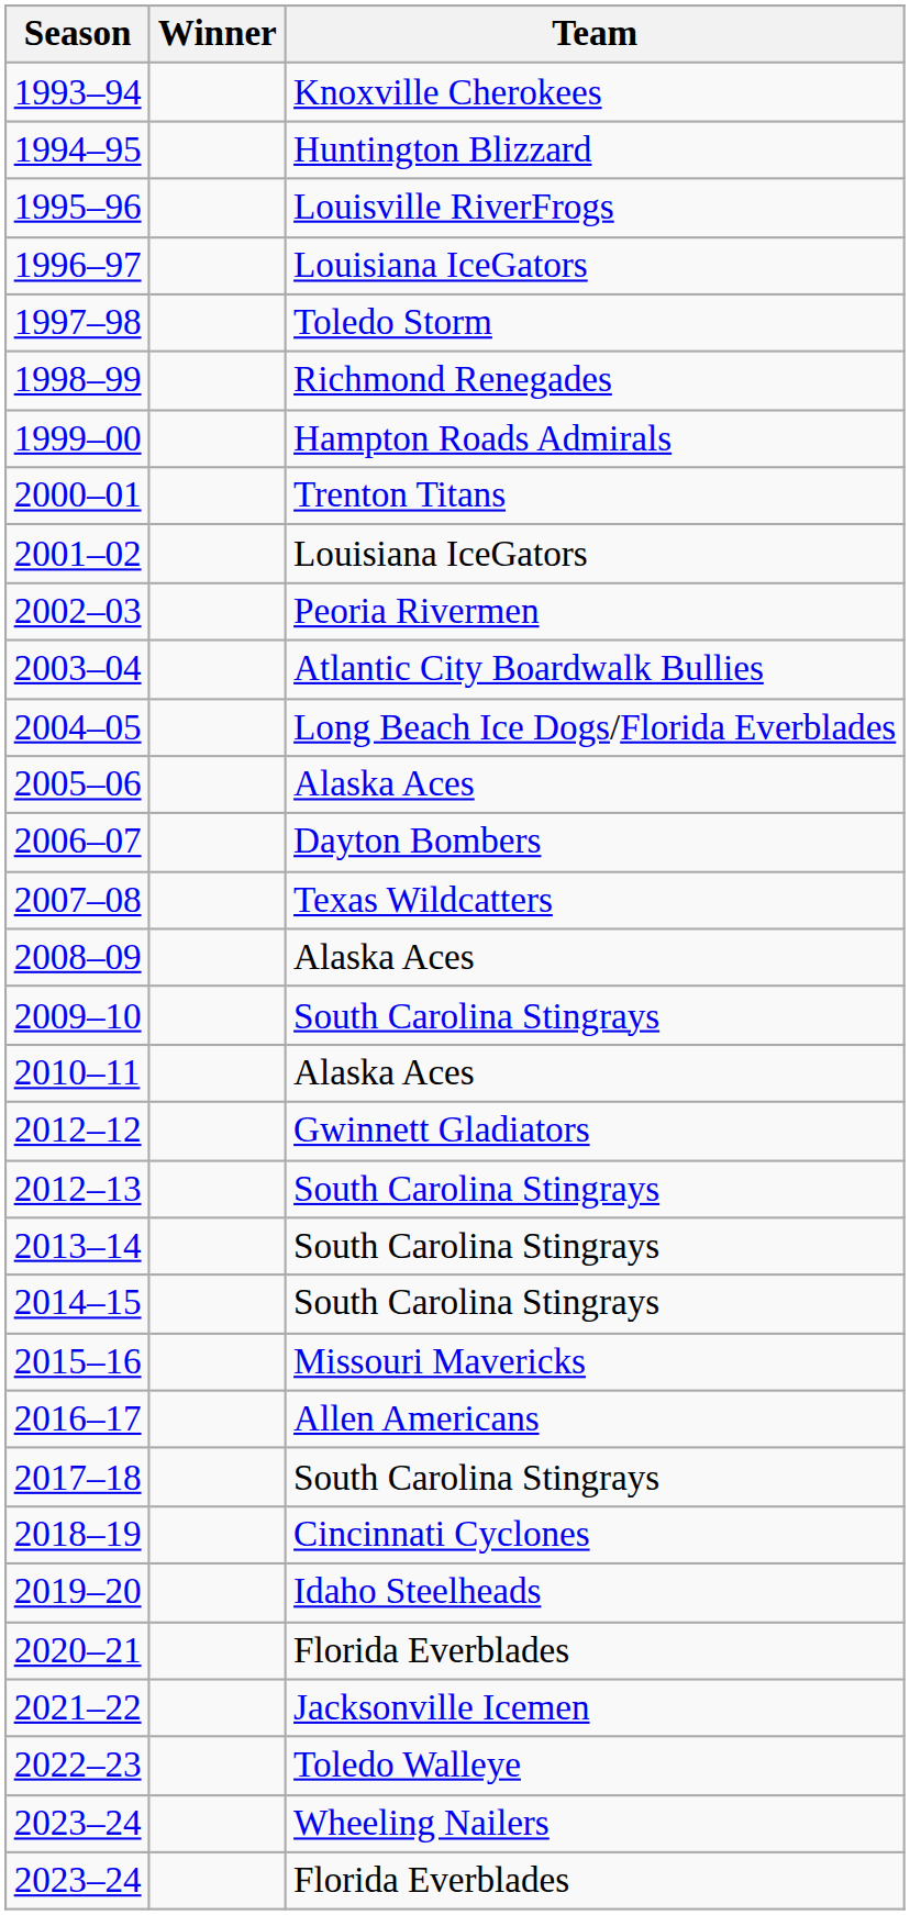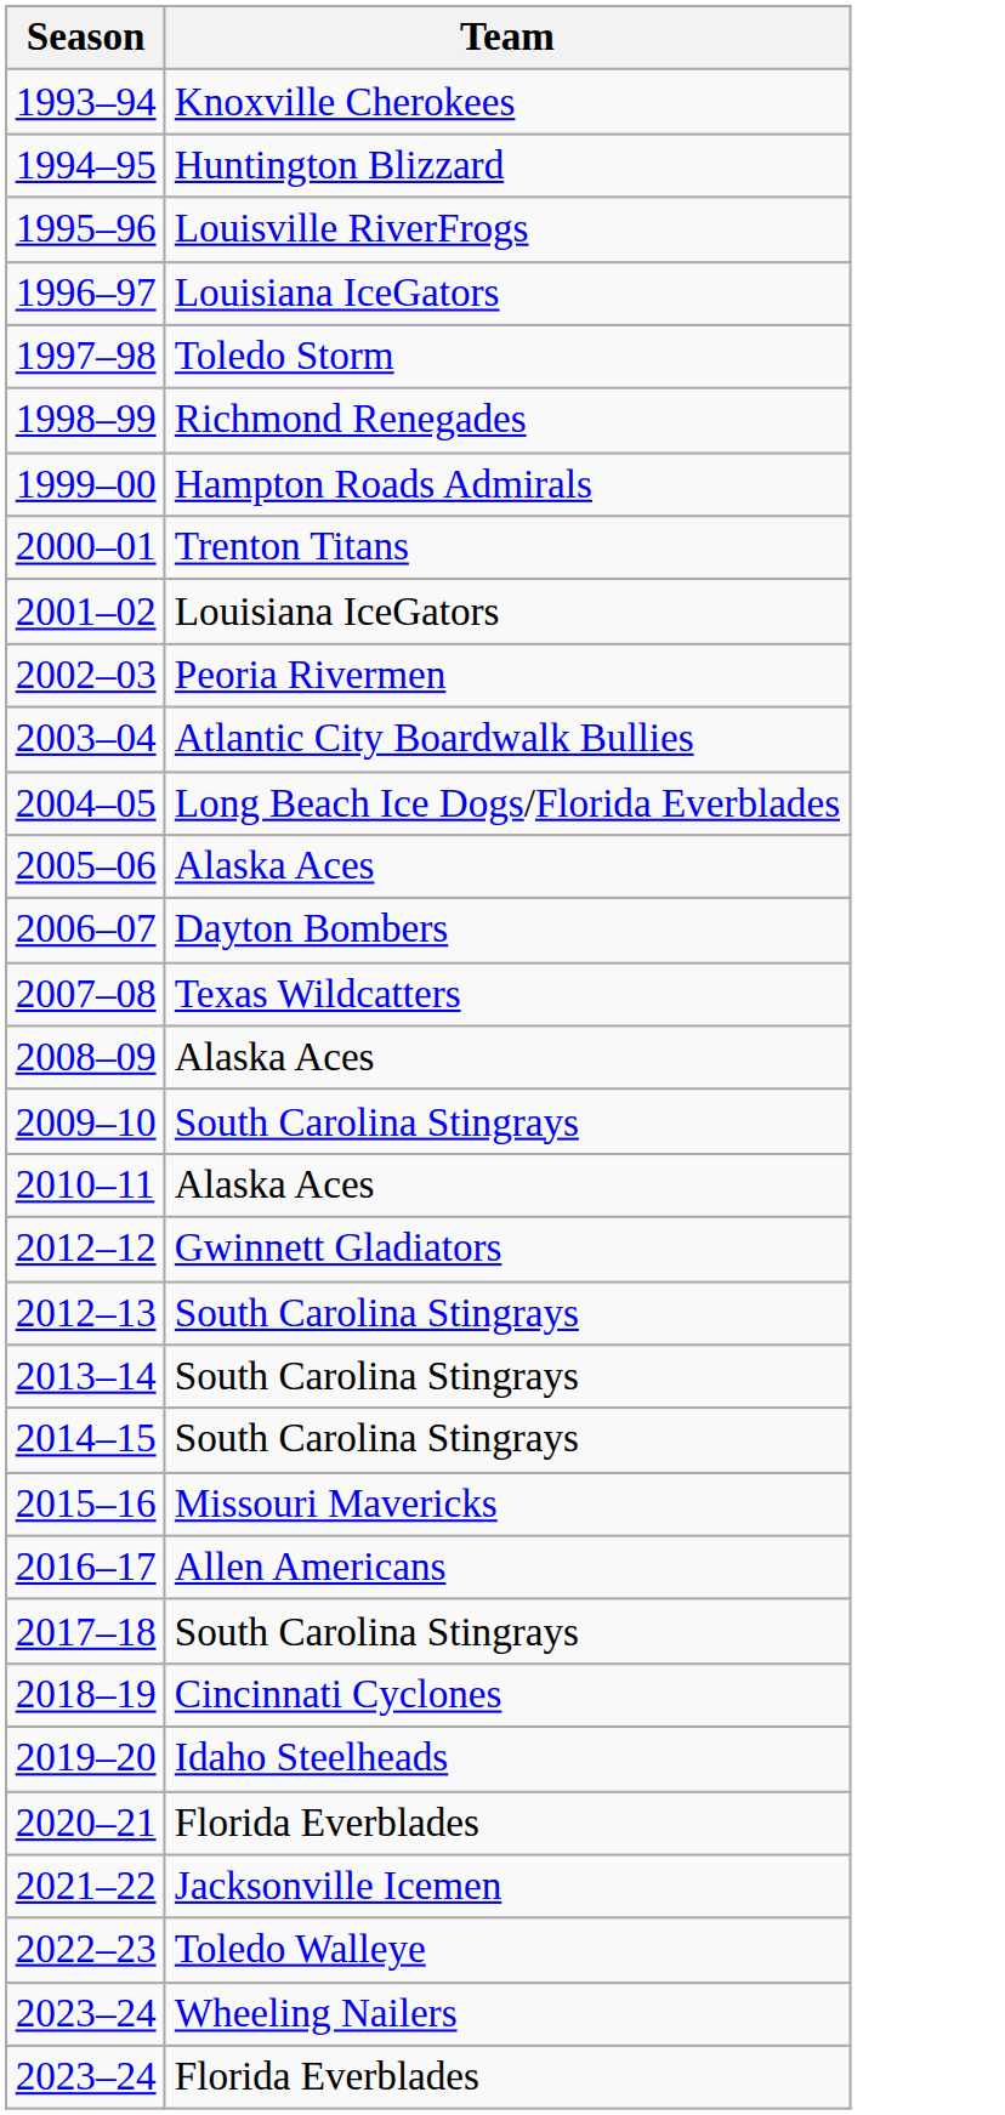 <table class="wikitable sortable" style="width=60%">
 <tr>
 <th>Season</th>
-<th>Winner</th>
 <th>Team</th>
 </tr>
 <tr>
 <td><a href='#'>1993–94</a></td>
-<td></td>
 <td><a href='#'>Knoxville Cherokees</a></td>
 </tr>
 <tr>
 <td><a href='#'>1994–95</a></td>
-<td></td>
 <td><a href='#'>Huntington Blizzard</a></td>
 </tr>
 <tr>
 <td><a href='#'>1995–96</a></td>
-<td></td>
 <td><a href='#'>Louisville RiverFrogs</a></td>
 </tr>
 <tr>
 <td><a href='#'>1996–97</a></td>
-<td></td>
 <td><a href='#'>Louisiana IceGators</a></td>
 </tr>
 <tr>
 <td><a href='#'>1997–98</a></td>
-<td></td>
 <td><a href='#'>Toledo Storm</a></td>
 </tr>
 <tr>
 <td><a href='#'>1998–99</a></td>
-<td></td>
 <td><a href='#'>Richmond Renegades</a></td>
 </tr>
 <tr>
 <td><a href='#'>1999–00</a></td>
-<td></td>
 <td><a href='#'>Hampton Roads Admirals</a></td>
 </tr>
 <tr>
 <td><a href='#'>2000–01</a></td>
-<td></td>
 <td><a href='#'>Trenton Titans</a></td>
 </tr>
 <tr>
 <td><a href='#'>2001–02</a></td>
-<td></td>
 <td>Louisiana IceGators</td>
 </tr>
 <tr>
 <td><a href='#'>2002–03</a></td>
-<td></td>
 <td><a href='#'>Peoria Rivermen</a></td>
 </tr>
 <tr>
 <td><a href='#'>2003–04</a></td>
-<td></td>
 <td><a href='#'>Atlantic City Boardwalk Bullies</a></td>
 </tr>
 <tr>
 <td><a href='#'>2004–05</a></td>
-<td></td>
 <td><a href='#'>Long Beach Ice Dogs</a>/<a href='#'>Florida Everblades</a></td>
 </tr>
 <tr>
 <td><a href='#'>2005–06</a></td>
-<td></td>
 <td><a href='#'>Alaska Aces</a></td>
 </tr>
 <tr>
 <td><a href='#'>2006–07</a></td>
-<td></td>
 <td><a href='#'>Dayton Bombers</a></td>
 </tr>
 <tr>
 <td><a href='#'>2007–08</a></td>
-<td></td>
 <td><a href='#'>Texas Wildcatters</a></td>
 </tr>
 <tr>
 <td><a href='#'>2008–09</a></td>
-<td></td>
 <td>Alaska Aces</td>
 </tr>
 <tr>
 <td><a href='#'>2009–10</a></td>
-<td></td>
 <td><a href='#'>South Carolina Stingrays</a></td>
 </tr>
 <tr>
 <td><a href='#'>2010–11</a></td>
-<td></td>
 <td>Alaska Aces</td>
 </tr>
 <tr>
 <td><a href='#'>2012–12</a></td>
-<td></td>
 <td><a href='#'>Gwinnett Gladiators</a></td>
 </tr>
 <tr>
 <td><a href='#'>2012–13</a></td>
-<td></td>
 <td><a href='#'>South Carolina Stingrays</a></td>
 </tr>
 <tr>
 <td><a href='#'>2013–14</a></td>
-<td></td>
 <td>South Carolina Stingrays</td>
 </tr>
 <tr>
 <td><a href='#'>2014–15</a></td>
-<td></td>
 <td>South Carolina Stingrays</td>
 </tr>
 <tr>
 <td><a href='#'>2015–16</a></td>
-<td></td>
 <td><a href='#'>Missouri Mavericks</a></td>
 </tr>
 <tr>
 <td><a href='#'>2016–17</a></td>
-<td></td>
 <td><a href='#'>Allen Americans</a></td>
 </tr>
 <tr>
 <td><a href='#'>2017–18</a></td>
-<td></td>
 <td>South Carolina Stingrays</td>
 </tr>
 <tr>
 <td><a href='#'>2018–19</a></td>
-<td></td>
 <td><a href='#'>Cincinnati Cyclones</a></td>
 </tr>
 <tr>
 <td><a href='#'>2019–20</a></td>
-<td></td>
 <td><a href='#'>Idaho Steelheads</a></td>
 </tr>
 <tr>
 <td><a href='#'>2020–21</a></td>
-<td></td>
 <td>Florida Everblades</td>
 </tr>
 <tr>
 <td><a href='#'>2021–22</a></td>
-<td></td>
 <td><a href='#'>Jacksonville Icemen</a></td>
 </tr>
 <tr>
 <td><a href='#'>2022–23</a></td>
-<td></td>
 <td><a href='#'>Toledo Walleye</a></td>
 </tr>
 <tr>
 <td><a href='#'>2023–24</a></td>
-<td></td>
 <td><a href='#'>Wheeling Nailers</a></td>
 </tr>
 <tr>
 <td><a href='#'>2023–24</a></td>
-<td></td>
 <td>Florida Everblades</td>
 </tr>
 </table>
